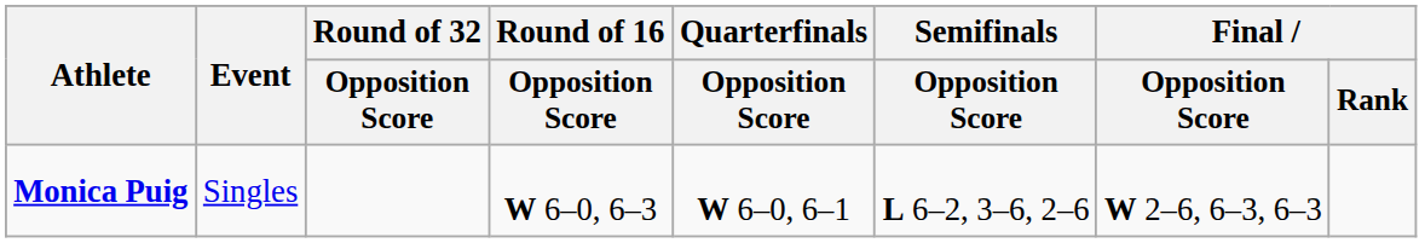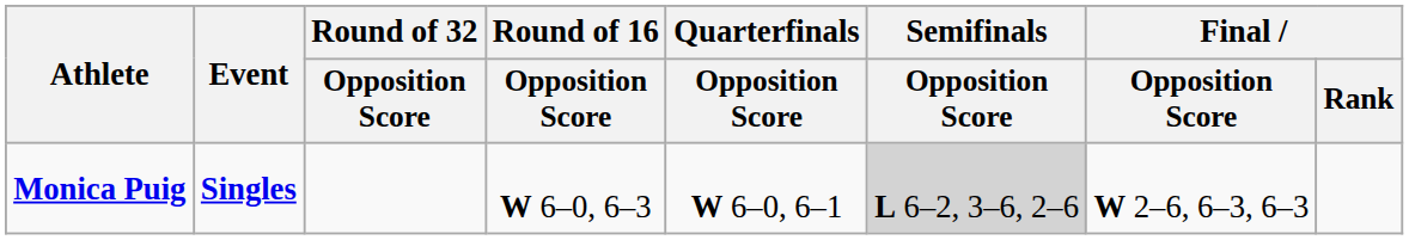 <table class=wikitable style="font-size:90%">
 <tr>
 <th rowspan="2">Athlete</th>
 <th rowspan="2">Event</th>
 <th>Round of 32</th>
 <th>Round of 16</th>
 <th>Quarterfinals</th>
 <th>Semifinals</th>
 <th colspan=2>Final / </th>
 </tr>
 <tr style="font-size:95%">
 <th>Opposition<br>Score</th>
 <th>Opposition<br>Score</th>
 <th>Opposition<br>Score</th>
 <th>Opposition<br>Score</th>
 <th>Opposition<br>Score</th>
 <th>Rank</th>
 </tr>
 <tr align=center>
 <td align=left><strong><a href='#'>Monica Puig</a></strong></td>
-<td align=left><a href='#'>Singles</a></td>
+<td align=left><strong><a href='#'>Singles</a></strong></td>
 <td></td>
 <td><br><strong>W</strong> 6–0, 6–3</td>
 <td><br><strong>W</strong> 6–0, 6–1</td>
-<td><br><strong>L</strong> 6–2, 3–6, 2–6</td>
+<td style="background: lightgrey;"><br><strong>L</strong> 6–2, 3–6, 2–6</td>
 <td><br><strong>W</strong> 2–6, 6–3, 6–3</td>
 <td></td>
 </tr>
 </table>
